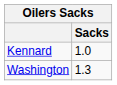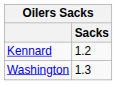 <table class="wikitable">
 <tr>
 <th colspan="2">Oilers Sacks</th>
 </tr>
 <tr>
 <th></th>
 <th>Sacks</th>
 </tr>
 <tr>
 <td><a href='#'>Kennard</a></td>
-<td>1.0</td>
+<td>1.2</td>
 </tr>
 <tr>
 <td><a href='#'>Washington</a></td>
 <td>1.3</td>
 </tr>
 </table>
